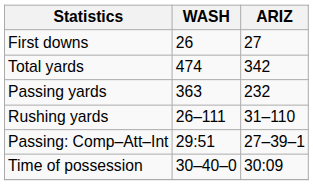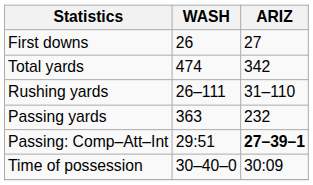 <table class="wikitable" style="float: left;">
 <tr>
 <th>Statistics</th>
 <th>WASH</th>
 <th>ARIZ</th>
 </tr>
 <tr>
 <td>First downs</td>
 <td>26</td>
 <td>27</td>
 </tr>
 <tr>
 <td>Total yards</td>
 <td>474</td>
 <td>342</td>
 </tr>
 <tr>
+<td>Rushing yards</td>
+<td>26–111</td>
+<td>31–110</td>
+</tr>
+<tr>
 <td>Passing yards</td>
 <td>363</td>
 <td>232</td>
 </tr>
 <tr>
-<td>Rushing yards</td>
-<td>26–111</td>
-<td>31–110</td>
-</tr>
-<tr>
 <td>Passing: Comp–Att–Int</td>
 <td>29:51</td>
-<td>27–39–1</td>
+<td><strong>27–39–1</strong></td>
 </tr>
 <tr>
 <td>Time of possession</td>
 <td>30–40–0</td>
 <td>30:09</td>
 </tr>
 <tr>
 </tr>
 </table>
